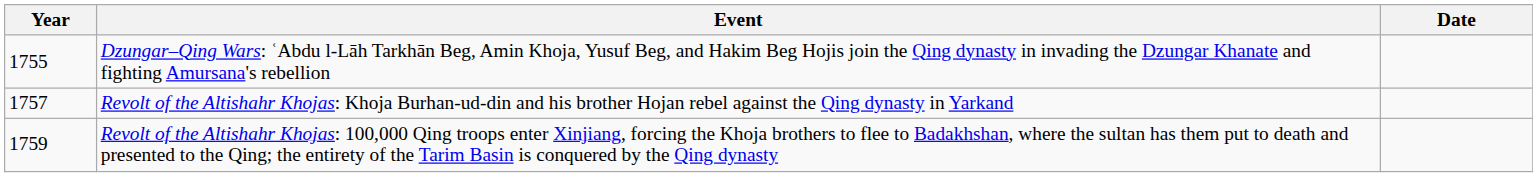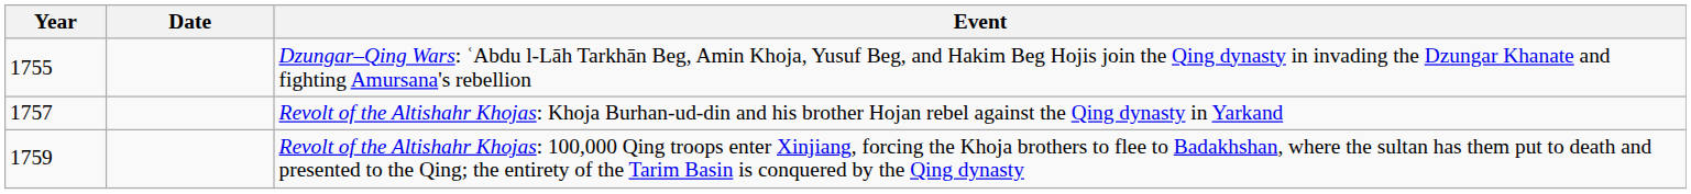 <table class="wikitable" width="100%">
 <tr>
 <th style="width:6%">Year</th>
+<th style="width:10%">Date</th>
 <th>Event</th>
-<th style="width:10%">Date</th>
 </tr>
 <tr>
 <td>1755</td>
+<td></td>
 <td><em><a href='#'>Dzungar–Qing Wars</a></em>: ʿAbdu l-Lāh Tarkhān Beg, Amin Khoja, Yusuf Beg, and Hakim Beg Hojis join the <a href='#'>Qing dynasty</a> in invading the <a href='#'>Dzungar Khanate</a> and fighting <a href='#'>Amursana</a>'s rebellion</td>
-<td></td>
 </tr>
 <tr>
 <td>1757</td>
+<td></td>
 <td><em><a href='#'>Revolt of the Altishahr Khojas</a></em>: Khoja Burhan-ud-din and his brother Hojan rebel against the <a href='#'>Qing dynasty</a> in <a href='#'>Yarkand</a></td>
-<td></td>
 </tr>
 <tr>
 <td>1759</td>
+<td></td>
 <td><em><a href='#'>Revolt of the Altishahr Khojas</a></em>: 100,000 Qing troops enter <a href='#'>Xinjiang</a>, forcing the Khoja brothers to flee to <a href='#'>Badakhshan</a>, where the sultan has them put to death and presented to the Qing; the entirety of the <a href='#'>Tarim Basin</a> is conquered by the <a href='#'>Qing dynasty</a></td>
-<td></td>
 </tr>
 </table>
